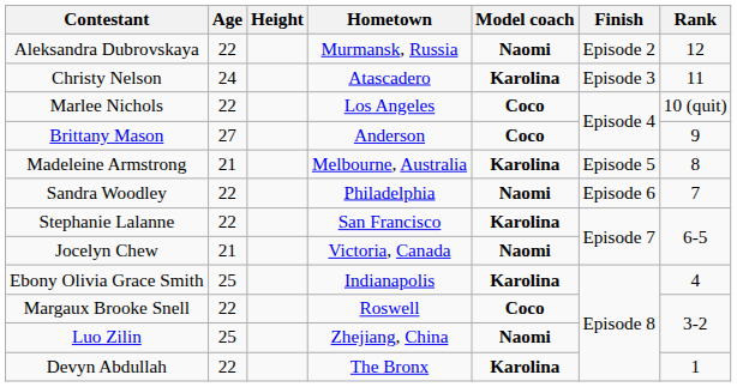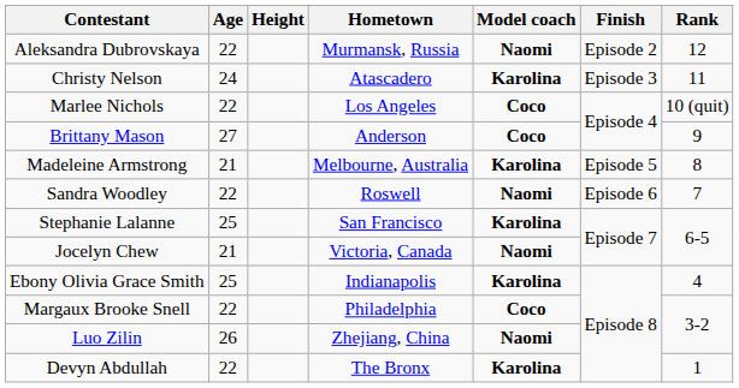 <table class="wikitable sortable" style="text-align:center;">
 <tr>
 <th>Contestant</th>
 <th>Age</th>
 <th>Height</th>
 <th>Hometown</th>
 <th>Model coach</th>
 <th>Finish</th>
 <th>Rank</th>
 </tr>
 <tr>
 <td>Aleksandra Dubrovskaya</td>
 <td>22</td>
 <td></td>
 <td><a href='#'>Murmansk</a>, <a href='#'>Russia</a></td>
 <td><strong><span>Naomi</span></strong></td>
 <td>Episode 2</td>
 <td>12</td>
 </tr>
 <tr>
 <td>Christy Nelson</td>
 <td>24</td>
 <td></td>
 <td><a href='#'>Atascadero</a></td>
 <td><strong><span>Karolina</span></strong></td>
 <td>Episode 3</td>
 <td>11</td>
 </tr>
 <tr>
 <td>Marlee Nichols</td>
 <td>22</td>
 <td></td>
 <td><a href='#'>Los Angeles</a></td>
 <td><strong><span>Coco</span></strong></td>
 <td rowspan="2">Episode 4</td>
 <td>10 (quit)</td>
 </tr>
 <tr>
 <td><a href='#'>Brittany Mason</a></td>
 <td>27</td>
 <td></td>
 <td><a href='#'>Anderson</a></td>
 <td><strong><span>Coco</span></strong></td>
 <td>9</td>
 </tr>
 <tr>
 <td>Madeleine Armstrong</td>
 <td>21</td>
 <td></td>
 <td><a href='#'>Melbourne</a>, <a href='#'>Australia</a></td>
 <td><strong><span>Karolina</span></strong></td>
 <td>Episode 5</td>
 <td>8</td>
 </tr>
 <tr>
 <td>Sandra Woodley</td>
 <td>22</td>
 <td></td>
-<td><a href='#'>Philadelphia</a></td>
+<td><a href='#'>Roswell</a></td>
 <td><strong><span>Naomi</span></strong></td>
 <td>Episode 6</td>
 <td>7</td>
 </tr>
 <tr>
 <td>Stephanie Lalanne</td>
-<td>22</td>
+<td>25</td>
 <td></td>
 <td><a href='#'>San Francisco</a></td>
 <td><strong><span>Karolina</span></strong></td>
 <td rowspan="2">Episode 7</td>
 <td rowspan="2">6-5</td>
 </tr>
 <tr>
 <td>Jocelyn Chew</td>
 <td>21</td>
 <td></td>
 <td><a href='#'>Victoria</a>, <a href='#'>Canada</a></td>
 <td><strong><span>Naomi</span></strong></td>
 </tr>
 <tr>
 <td>Ebony Olivia Grace Smith</td>
 <td>25</td>
 <td></td>
 <td><a href='#'>Indianapolis</a></td>
 <td><strong><span>Karolina</span></strong></td>
 <td rowspan="4">Episode 8</td>
 <td>4</td>
 </tr>
 <tr>
 <td>Margaux Brooke Snell</td>
 <td>22</td>
 <td></td>
-<td><a href='#'>Roswell</a></td>
+<td><a href='#'>Philadelphia</a></td>
 <td><strong><span>Coco</span></strong></td>
 <td rowspan="2">3-2</td>
 </tr>
 <tr>
 <td><a href='#'>Luo Zilin</a></td>
-<td>25</td>
+<td>26</td>
 <td></td>
 <td><a href='#'>Zhejiang</a>, <a href='#'>China</a></td>
 <td><strong><span>Naomi</span></strong></td>
 </tr>
 <tr>
 <td>Devyn Abdullah</td>
 <td>22</td>
 <td></td>
 <td><a href='#'>The Bronx</a></td>
 <td><strong><span>Karolina</span></strong></td>
 <td>1</td>
 </tr>
 </table>
